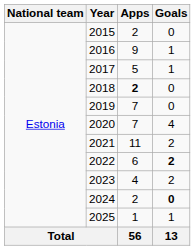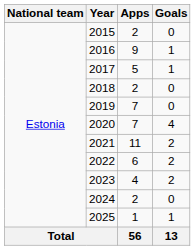 <table class=wikitable style=text-align:center>
 <tr>
 <th>National team</th>
 <th>Year</th>
 <th>Apps</th>
 <th>Goals</th>
 </tr>
 <tr>
 <td rowspan=11><a href='#'>Estonia</a></td>
 <td>2015</td>
 <td>2</td>
 <td>0</td>
 </tr>
 <tr>
 <td>2016</td>
 <td>9</td>
 <td>1</td>
 </tr>
 <tr>
 <td>2017</td>
 <td>5</td>
 <td>1</td>
 </tr>
 <tr>
 <td>2018</td>
-<td><strong>2</strong></td>
+<td>2</td>
 <td>0</td>
 </tr>
 <tr>
 <td>2019</td>
 <td>7</td>
 <td>0</td>
 </tr>
 <tr>
 <td>2020</td>
 <td>7</td>
 <td>4</td>
 </tr>
 <tr>
 <td>2021</td>
 <td>11</td>
 <td>2</td>
 </tr>
 <tr>
 <td>2022</td>
 <td>6</td>
-<td><strong>2</strong></td>
+<td>2</td>
 </tr>
 <tr>
 <td>2023</td>
 <td>4</td>
 <td>2</td>
 </tr>
 <tr>
 <td>2024</td>
 <td>2</td>
-<td><strong>0</strong></td>
+<td>0</td>
 </tr>
 <tr>
 <td>2025</td>
 <td>1</td>
 <td>1</td>
 </tr>
 <tr>
 <th colspan=2>Total</th>
 <th>56</th>
 <th>13</th>
 </tr>
 </table>
